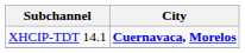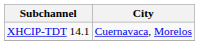 <table class="wikitable sortable">
 <tr>
 <th>Subchannel</th>
 <th>City</th>
 </tr>
 <tr>
 <td><a href='#'>XHCIP-TDT</a> 14.1</td>
-<td><strong><a href='#'>Cuernavaca</a>, <a href='#'>Morelos</a></strong></td>
+<td><a href='#'>Cuernavaca</a>, <a href='#'>Morelos</a></td>
 </tr>
 <tr>
 </tr>
 </table>
